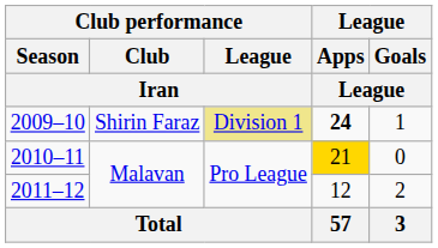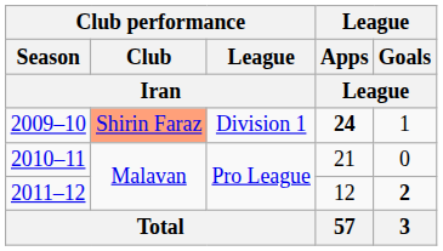 <table class="wikitable" style="text-align:center;">
 <tr>
 <th colspan=3>Club performance</th>
 <th colspan=2>League</th>
 </tr>
 <tr>
 <th>Season</th>
 <th>Club</th>
 <th>League</th>
 <th>Apps</th>
 <th>Goals</th>
 </tr>
 <tr>
 <th colspan=3>Iran</th>
 <th colspan=2>League</th>
 </tr>
 <tr>
 <td><a href='#'>2009–10</a></td>
-<td rowspan="1"><a href='#'>Shirin Faraz</a></td>
-<td rowspan="1" style="background: khaki;"><a href='#'>Division 1</a></td>
+<td rowspan="1" style="background: lightsalmon;"><a href='#'>Shirin Faraz</a></td>
+<td rowspan="1"><a href='#'>Division 1</a></td>
 <td><strong>24</strong></td>
 <td>1</td>
 </tr>
 <tr>
 <td><a href='#'>2010–11</a></td>
 <td rowspan="2"><a href='#'>Malavan</a></td>
 <td rowspan="2"><a href='#'>Pro League</a></td>
-<td style="background: gold;">21</td>
+<td>21</td>
 <td>0</td>
 </tr>
 <tr>
 <td><a href='#'>2011–12</a></td>
 <td rowspan="1">12</td>
-<td>2</td>
+<td><strong>2</strong></td>
 </tr>
 <tr>
 <th colspan=3>Total</th>
 <th>57</th>
 <th>3</th>
 </tr>
 </table>
